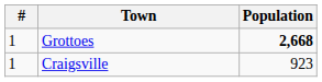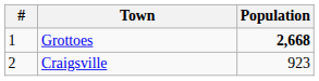 <table class="wikitable">
 <tr>
 <th scope="col" style="width: 28px;">#</th>
 <th scope="col" style="width: 205px;">Town</th>
 <th>Population</th>
 </tr>
 <tr>
 <td>1</td>
 <td><a href='#'>Grottoes</a></td>
 <td align="right"><strong>2,668</strong></td>
 </tr>
 <tr>
-<td>1</td>
+<td>2</td>
 <td><a href='#'>Craigsville</a></td>
 <td align="right">923</td>
 </tr>
 </table>
